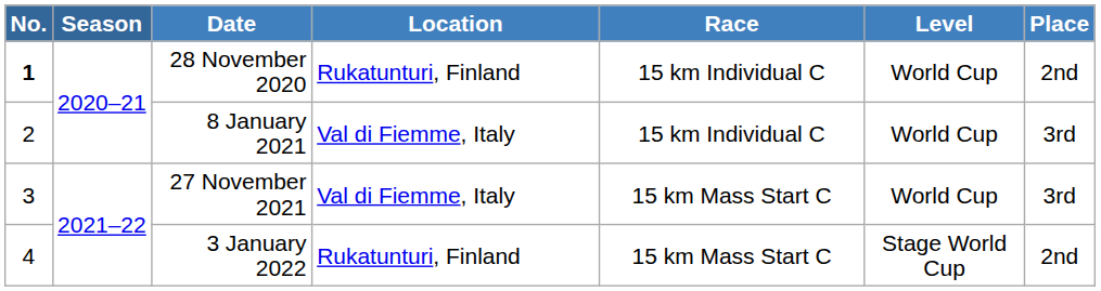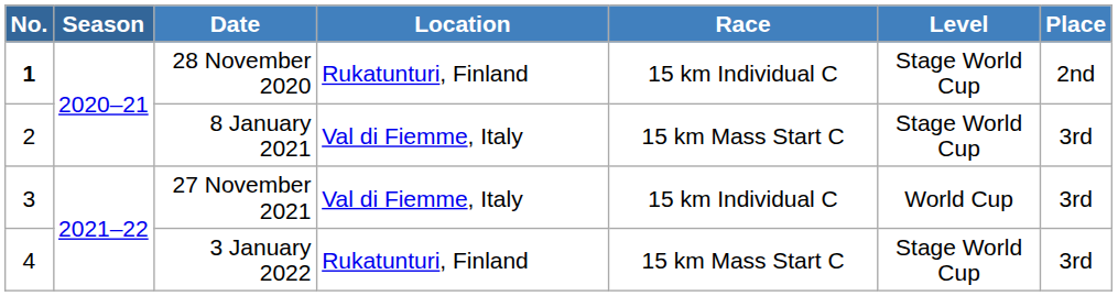 <table class="wikitable sortable" style="font-size:95%; text-align:center; border:grey solid 1px; border-collapse:collapse; background:#ffffff;">
 <tr style="background:#efefef;">
 <th style="background-color:#369; color:white;">No.</th>
 <th style="background-color:#369; color:white;">Season</th>
 <th style="background-color:#4180be; color:white; width:100px;">Date</th>
 <th style="background-color:#4180be; color:white; width:185px;">Location</th>
 <th style="background-color:#4180be; color:white; width:170px;">Race</th>
 <th style="background-color:#4180be; color:white; width:100px;">Level</th>
 <th style="background-color:#4180be; color:white;">Place</th>
 </tr>
 <tr>
 <td align=center><strong>1</strong></td>
 <td rowspan=2 align=center><a href='#'>2020–21</a></td>
 <td align=right>28 November 2020</td>
 <td align=left> <a href='#'>Rukatunturi</a>, Finland</td>
 <td>15 km Individual C</td>
-<td>World Cup</td>
+<td>Stage World Cup</td>
 <td>2nd</td>
 </tr>
 <tr>
 <td align=center>2</td>
 <td align=right>8 January 2021</td>
 <td align=left> <a href='#'>Val di Fiemme</a>, Italy</td>
-<td>15 km Individual C</td>
-<td>World Cup</td>
+<td>15 km Mass Start C</td>
+<td>Stage World Cup</td>
 <td>3rd</td>
 </tr>
 <tr>
 <td align=center>3</td>
 <td rowspan="2" align="center"><a href='#'>2021–22</a></td>
 <td align=right>27 November 2021</td>
 <td align=left> <a href='#'>Val di Fiemme</a>, Italy</td>
-<td>15 km Mass Start C</td>
+<td>15 km Individual C</td>
 <td>World Cup</td>
 <td>3rd</td>
 </tr>
 <tr>
 <td align=center>4</td>
 <td align=right>3 January 2022</td>
 <td align=left> <a href='#'>Rukatunturi</a>, Finland</td>
 <td>15 km Mass Start C</td>
 <td>Stage World Cup</td>
-<td>2nd</td>
+<td>3rd</td>
 </tr>
 </table>
